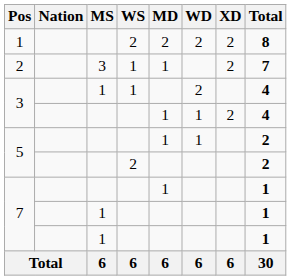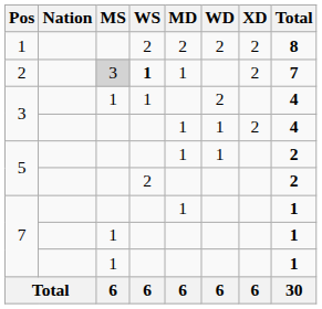 <table class="wikitable" style="text-align:center">
 <tr>
 <th>Pos</th>
 <th>Nation</th>
 <th>MS</th>
 <th>WS</th>
 <th>MD</th>
 <th>WD</th>
 <th>XD</th>
 <th>Total</th>
 </tr>
 <tr>
 <td>1</td>
 <td align=left></td>
 <td></td>
 <td>2</td>
 <td>2</td>
 <td>2</td>
 <td>2</td>
 <td><strong>8</strong></td>
 </tr>
 <tr>
 <td>2</td>
 <td align=left></td>
-<td>3</td>
-<td>1</td>
+<td style="background: lightgrey;">3</td>
+<td><strong>1</strong></td>
 <td>1</td>
 <td></td>
 <td>2</td>
 <td><strong>7</strong></td>
 </tr>
 <tr>
 <td rowspan="2">3</td>
 <td align=left></td>
 <td>1</td>
 <td>1</td>
 <td></td>
 <td>2</td>
 <td></td>
 <td><strong>4</strong></td>
 </tr>
 <tr>
 <td align=left></td>
 <td></td>
 <td></td>
 <td>1</td>
 <td>1</td>
 <td>2</td>
 <td><strong>4</strong></td>
 </tr>
 <tr>
 <td rowspan=2>5</td>
 <td align=left></td>
 <td></td>
 <td></td>
 <td>1</td>
 <td>1</td>
 <td></td>
 <td><strong>2</strong></td>
 </tr>
 <tr>
 <td align=left></td>
 <td></td>
 <td>2</td>
 <td></td>
 <td></td>
 <td></td>
 <td><strong>2</strong></td>
 </tr>
 <tr>
 <td rowspan=3>7</td>
 <td align=left></td>
 <td></td>
 <td></td>
 <td>1</td>
 <td></td>
 <td></td>
 <td><strong>1</strong></td>
 </tr>
 <tr>
 <td align=left></td>
 <td>1</td>
 <td></td>
 <td></td>
 <td></td>
 <td></td>
 <td><strong>1</strong></td>
 </tr>
 <tr>
 <td align=left></td>
 <td>1</td>
 <td></td>
 <td></td>
 <td></td>
 <td></td>
 <td><strong>1</strong></td>
 </tr>
 <tr>
 <th colspan="2">Total</th>
 <th>6</th>
 <th>6</th>
 <th>6</th>
 <th>6</th>
 <th>6</th>
 <th>30</th>
 </tr>
 </table>
